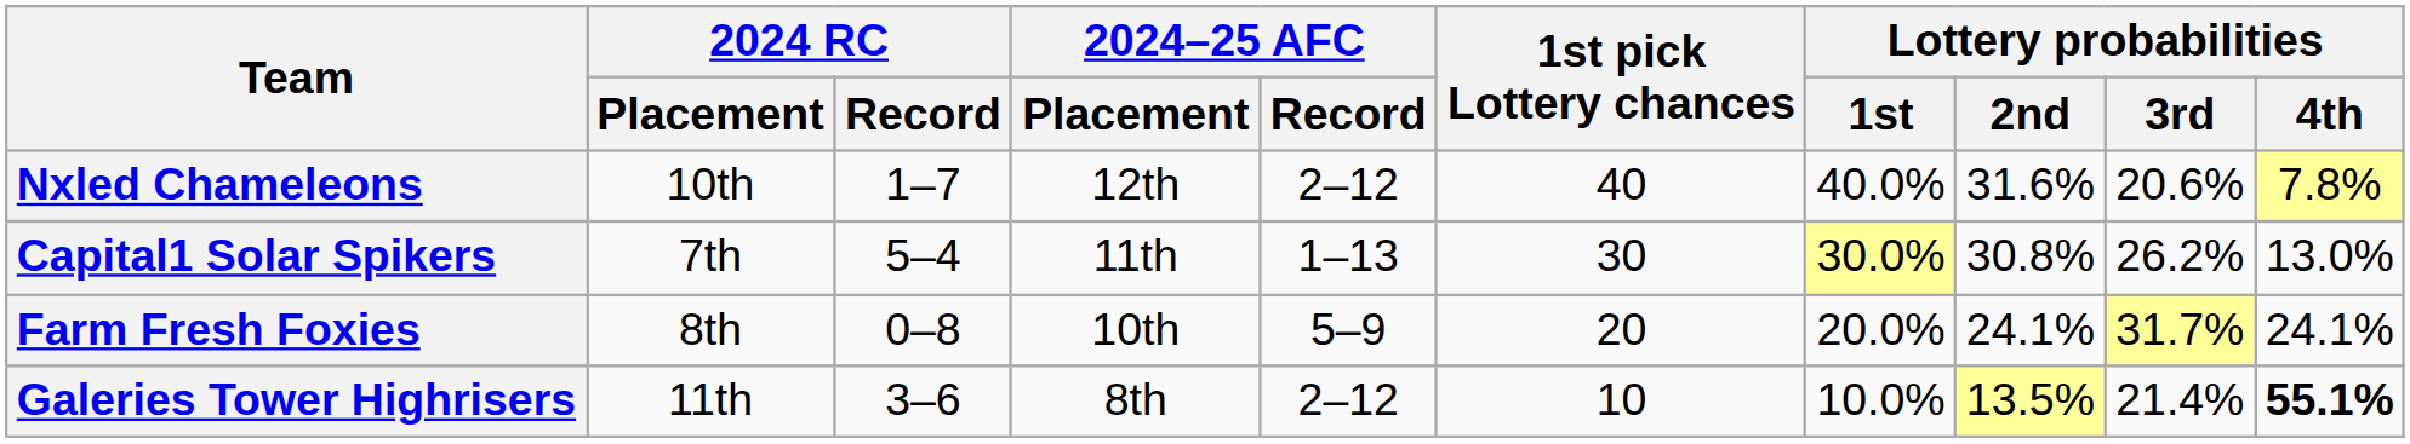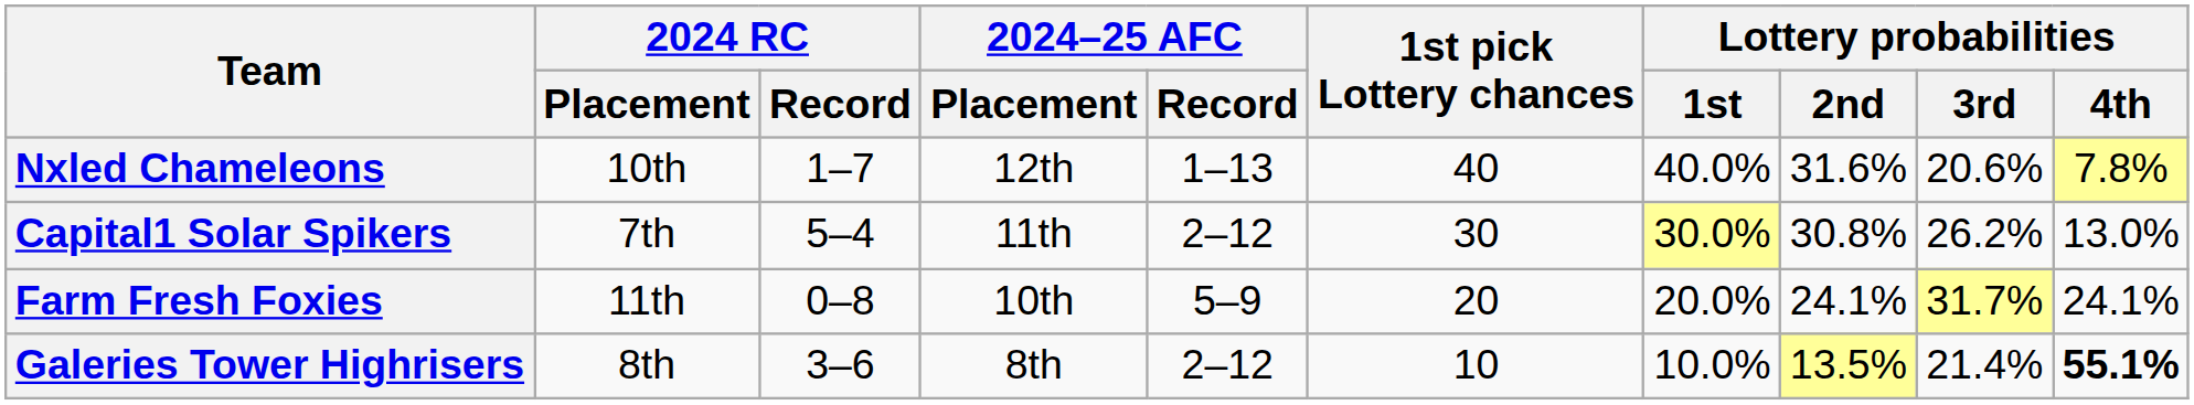 <table class="wikitable plainrowheaders" style="text-align:center">
 <tr>
 <th scope="col" rowspan="2">Team</th>
 <th scope="col" colspan="2"><a href='#'>2024 RC</a></th>
 <th scope="col" colspan="2"><a href='#'>2024–25 AFC</a></th>
 <th scope="col" rowspan="2">1st pick<br>Lottery chances</th>
 <th scope="col" colspan="4">Lottery probabilities</th>
 </tr>
 <tr>
 <th>Placement</th>
 <th>Record</th>
 <th>Placement</th>
 <th>Record</th>
 <th>1st</th>
 <th>2nd</th>
 <th>3rd</th>
 <th>4th</th>
 </tr>
 <tr>
 <th scope="row" style="text-align:left"><a href='#'>Nxled Chameleons</a></th>
 <td>10th</td>
 <td>1–7</td>
 <td>12th</td>
-<td>2–12</td>
+<td>1–13</td>
 <td>40</td>
 <td>40.0%</td>
 <td>31.6%</td>
 <td>20.6%</td>
 <td style="background:#ff9;">7.8%</td>
 </tr>
 <tr>
 <th scope="row" style="text-align:left"><a href='#'>Capital1 Solar Spikers</a></th>
 <td>7th</td>
 <td>5–4</td>
 <td>11th</td>
-<td>1–13</td>
+<td>2–12</td>
 <td>30</td>
 <td style="background:#ff9;">30.0%</td>
 <td>30.8%</td>
 <td>26.2%</td>
 <td>13.0%</td>
 </tr>
 <tr>
 <th scope="row" style="text-align:left"><a href='#'>Farm Fresh Foxies</a></th>
-<td>8th</td>
+<td>11th</td>
 <td>0–8</td>
 <td>10th</td>
 <td>5–9</td>
 <td>20</td>
 <td>20.0%</td>
 <td>24.1%</td>
 <td style="background:#ff9;">31.7%</td>
 <td>24.1%</td>
 </tr>
 <tr>
 <th scope="row" style="text-align:left"><a href='#'>Galeries Tower Highrisers</a></th>
-<td>11th</td>
+<td>8th</td>
 <td>3–6</td>
 <td>8th</td>
 <td>2–12</td>
 <td>10</td>
 <td>10.0%</td>
 <td style="background:#ff9;">13.5%</td>
 <td>21.4%</td>
 <td><strong>55.1%</strong></td>
 </tr>
 </table>
